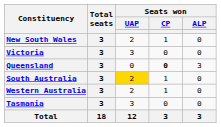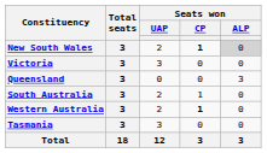 <table class="wikitable" style="text-align:center;">
 <tr>
 <th rowspan="3">Constituency</th>
 <th rowspan="3">Total<br>seats</th>
 <th colspan="8">Seats won</th>
 </tr>
 <tr>
 <th class="unsortable" style="width:50px;"><a href='#'>UAP</a></th>
 <th class="unsortable" style="width:50px;"><a href='#'>CP</a></th>
 <th class="unsortable" style="width:50px;"><a href='#'>ALP</a></th>
 </tr>
 <tr>
 <th style="background:"></th>
 <th style="background:"></th>
 <th style="background:"></th>
 </tr>
 <tr>
 <th style="text-align: left;"><a href='#'>New South Wales</a></th>
 <th>3</th>
 <td>2</td>
-<td>1</td>
-<td>0</td>
+<td><strong>1</strong></td>
+<td style="background: lightgrey;">0</td>
 </tr>
 <tr>
 <th style="text-align: left;"><a href='#'>Victoria</a></th>
 <th>3</th>
 <td>3</td>
 <td>0</td>
 <td>0</td>
 </tr>
 <tr>
 <th style="text-align: left;"><a href='#'>Queensland</a></th>
 <th>3</th>
 <td>0</td>
-<td><strong>0</strong></td>
+<td>0</td>
 <td>3</td>
 </tr>
 <tr>
 <th style="text-align: left;"><a href='#'>South Australia</a></th>
 <th>3</th>
-<td style="background: gold;">2</td>
+<td>2</td>
 <td>1</td>
 <td>0</td>
 </tr>
 <tr>
 <th style="text-align: left;"><a href='#'>Western Australia</a></th>
 <th>3</th>
 <td>2</td>
-<td>1</td>
+<td><strong>1</strong></td>
 <td>0</td>
 </tr>
 <tr>
 <th style="text-align: left;"><a href='#'>Tasmania</a></th>
 <th>3</th>
 <td>3</td>
 <td>0</td>
 <td>0</td>
 </tr>
 <tr>
 <th>Total</th>
 <th>18</th>
 <th>12</th>
 <th>3</th>
 <th>3</th>
 </tr>
 </table>
